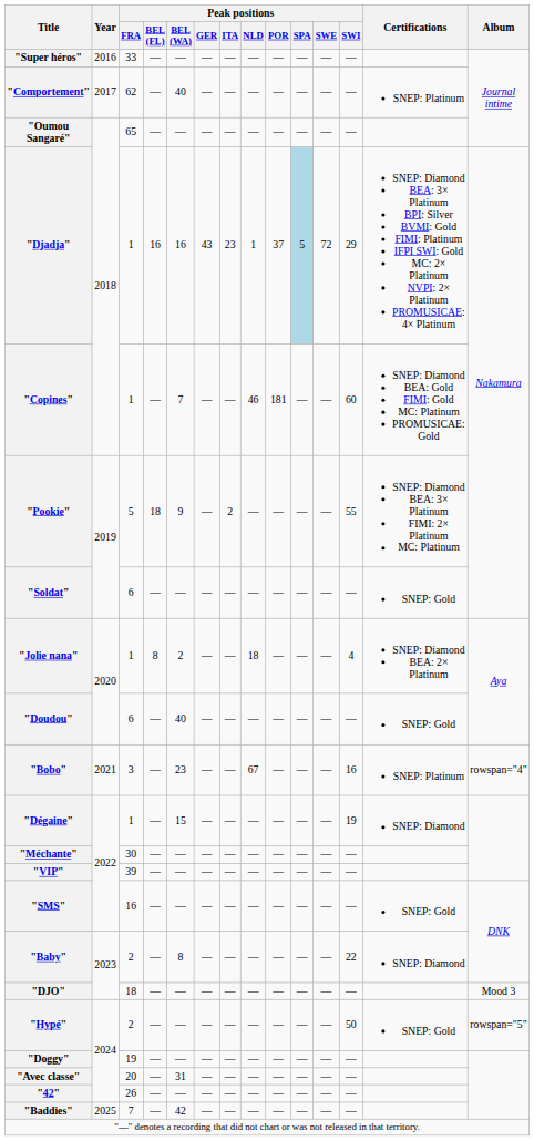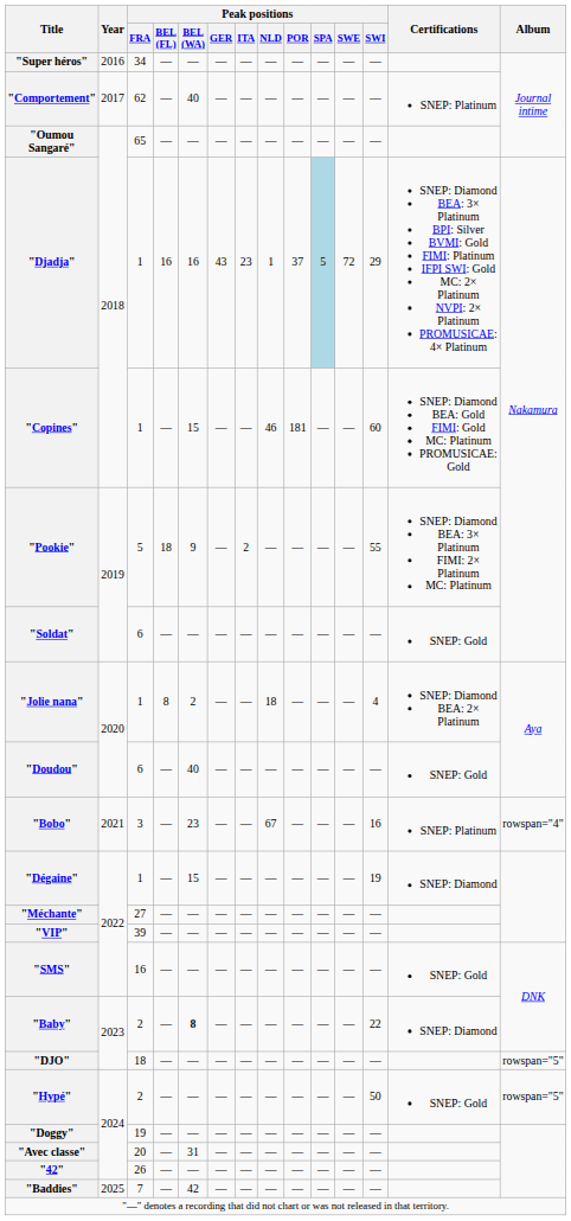 <table class="wikitable plainrowheaders" style="text-align:center">
 <tr>
 <th scope="col" rowspan="2">Title</th>
 <th scope="col" rowspan="2">Year</th>
 <th scope="col" colspan="10">Peak positions</th>
 <th scope="col" rowspan="2">Certifications</th>
 <th scope="col" rowspan="2">Album</th>
 </tr>
 <tr>
 <th scope="col" style="width:3em;font-size:90%;"><a href='#'>FRA</a><br></th>
 <th scope="col" style="width:3em;font-size:90%;"><a href='#'>BEL<br>(FL)</a><br></th>
 <th scope="col" style="width:3em;font-size:90%;"><a href='#'>BEL<br>(WA)</a><br></th>
 <th scope="col" style="width:3em;font-size:90%;"><a href='#'>GER</a><br></th>
 <th scope="col" style="width:3em;font-size:90%;"><a href='#'>ITA</a><br></th>
 <th scope="col" style="width:3em;font-size:90%;"><a href='#'>NLD</a><br></th>
 <th scope="col" style="width:3em;font-size:90%;"><a href='#'>POR</a><br></th>
 <th scope="col" style="width:3em;font-size:90%;"><a href='#'>SPA</a><br></th>
 <th scope="col" style="width:3em;font-size:90%;"><a href='#'>SWE</a><br></th>
 <th scope="col" style="width:3em;font-size:90%;"><a href='#'>SWI</a><br></th>
 </tr>
 <tr>
 <th scope="row">"Super héros" <br></th>
 <td>2016</td>
-<td>33</td>
+<td>34</td>
 <td>—</td>
 <td>—</td>
 <td>—</td>
 <td>—</td>
 <td>—</td>
 <td>—</td>
 <td>—</td>
 <td>—</td>
 <td>—</td>
 <td></td>
 <td rowspan="3"><em><a href='#'>Journal intime</a></em></td>
 </tr>
 <tr>
 <th scope="row">"<a href='#'>Comportement</a>"</th>
 <td>2017</td>
 <td>62</td>
 <td>—</td>
 <td>40</td>
 <td>—</td>
 <td>—</td>
 <td>—</td>
 <td>—</td>
 <td>—</td>
 <td>—</td>
 <td>—</td>
 <td><br><ul><li>SNEP: Platinum</li></ul></td>
 </tr>
 <tr>
 <th scope="row">"Oumou Sangaré"</th>
 <td rowspan="3">2018</td>
 <td>65</td>
 <td>—</td>
 <td>—</td>
 <td>—</td>
 <td>—</td>
 <td>—</td>
 <td>—</td>
 <td>—</td>
 <td>—</td>
 <td>—</td>
 <td></td>
 </tr>
 <tr>
 <th scope="row">"<a href='#'>Djadja</a>"<br></th>
 <td>1</td>
 <td>16</td>
 <td>16</td>
 <td>43</td>
 <td>23</td>
 <td>1</td>
 <td>37</td>
 <td style="background: lightblue;">5</td>
 <td>72</td>
 <td>29</td>
 <td><br><ul><li>SNEP: Diamond</li><li><a href='#'>BEA</a>: 3× Platinum</li><li><a href='#'>BPI</a>: Silver</li><li><a href='#'>BVMI</a>: Gold</li><li><a href='#'>FIMI</a>: Platinum</li><li><a href='#'>IFPI SWI</a>: Gold</li><li>MC: 2× Platinum</li><li><a href='#'>NVPI</a>: 2× Platinum</li><li><a href='#'>PROMUSICAE</a>: 4× Platinum</li></ul></td>
 <td rowspan="4"><em><a href='#'>Nakamura</a></em></td>
 </tr>
 <tr>
 <th scope="row">"<a href='#'>Copines</a>"</th>
 <td>1</td>
 <td>—</td>
-<td>7</td>
+<td>15</td>
 <td>—</td>
 <td>—</td>
 <td>46</td>
 <td>181</td>
 <td>—</td>
 <td>—</td>
 <td>60</td>
 <td><br><ul><li>SNEP: Diamond</li><li>BEA: Gold</li><li><a href='#'>FIMI</a>: Gold</li><li>MC: Platinum</li><li>PROMUSICAE: Gold</li></ul></td>
 </tr>
 <tr>
 <th scope="row">"<a href='#'>Pookie</a>"<br></th>
 <td rowspan="2">2019</td>
 <td>5</td>
 <td>18</td>
 <td>9</td>
 <td>—</td>
 <td>2</td>
 <td>—</td>
 <td>—</td>
 <td>—</td>
 <td>—</td>
 <td>55</td>
 <td><br><ul><li>SNEP: Diamond</li><li>BEA: 3× Platinum</li><li>FIMI: 2× Platinum</li><li>MC: Platinum</li></ul></td>
 </tr>
 <tr>
 <th scope="row">"<a href='#'>Soldat</a>"</th>
 <td>6</td>
 <td>—</td>
 <td>—</td>
 <td>—</td>
 <td>—</td>
 <td>—</td>
 <td>—</td>
 <td>—</td>
 <td>—</td>
 <td>—</td>
 <td><br><ul><li>SNEP: Gold</li></ul></td>
 </tr>
 <tr>
 <th scope="row">"<a href='#'>Jolie nana</a>"</th>
 <td rowspan="2">2020</td>
 <td>1</td>
 <td>8</td>
 <td>2</td>
 <td>—</td>
 <td>—</td>
 <td>18</td>
 <td>—</td>
 <td>—</td>
 <td>—</td>
 <td>4</td>
 <td><br><ul><li>SNEP: Diamond</li><li>BEA: 2× Platinum</li></ul></td>
 <td rowspan="2"><em><a href='#'>Aya</a></em></td>
 </tr>
 <tr>
 <th scope="row">"<a href='#'>Doudou</a>"</th>
 <td>6</td>
 <td>—</td>
 <td>40</td>
 <td>—</td>
 <td>—</td>
 <td>—</td>
 <td>—</td>
 <td>—</td>
 <td>—</td>
 <td>—</td>
 <td><br><ul><li>SNEP: Gold</li></ul></td>
 </tr>
 <tr>
 <th scope="row">"<a href='#'>Bobo</a>"</th>
 <td>2021</td>
 <td>3</td>
 <td>—</td>
 <td>23</td>
 <td>—</td>
 <td>—</td>
 <td>67</td>
 <td>—</td>
 <td>—</td>
 <td>—</td>
 <td>16</td>
 <td><br><ul><li>SNEP: Platinum</li></ul></td>
 <td>rowspan="4" </td>
 </tr>
 <tr>
 <th scope="row">"<a href='#'>Dégaine</a>"<br></th>
 <td rowspan="4">2022</td>
 <td>1</td>
 <td>—</td>
 <td>15</td>
 <td>—</td>
 <td>—</td>
 <td>—</td>
 <td>—</td>
 <td>—</td>
 <td>—</td>
 <td>19</td>
 <td><br><ul><li>SNEP: Diamond</li></ul></td>
 </tr>
 <tr>
 <th scope="row">"<a href='#'>Méchante</a>"</th>
-<td>30</td>
+<td>27</td>
 <td>—</td>
 <td>—</td>
 <td>—</td>
 <td>—</td>
 <td>—</td>
 <td>—</td>
 <td>—</td>
 <td>—</td>
 <td>—</td>
 <td></td>
 </tr>
 <tr>
 <th scope="row">"<a href='#'>VIP</a>"</th>
 <td>39</td>
 <td>—</td>
 <td>—</td>
 <td>—</td>
 <td>—</td>
 <td>—</td>
 <td>—</td>
 <td>—</td>
 <td>—</td>
 <td>—</td>
 <td></td>
 </tr>
 <tr>
 <th scope="row">"<a href='#'>SMS</a>"</th>
 <td>16</td>
 <td>—</td>
 <td>—</td>
 <td>—</td>
 <td>—</td>
 <td>—</td>
 <td>—</td>
 <td>—</td>
 <td>—</td>
 <td>—</td>
 <td><br><ul><li>SNEP: Gold</li></ul></td>
 <td rowspan="2"><em><a href='#'>DNK</a></em></td>
 </tr>
 <tr>
 <th scope="row">"<a href='#'>Baby</a>"</th>
 <td rowspan="2">2023</td>
 <td>2</td>
 <td>—</td>
-<td>8</td>
+<td><strong>8</strong></td>
 <td>—</td>
 <td>—</td>
 <td>—</td>
 <td>—</td>
 <td>—</td>
 <td>—</td>
 <td>22</td>
 <td><br><ul><li>SNEP: Diamond</li></ul></td>
 </tr>
 <tr>
 <th scope="row">"DJO"</th>
 <td>18</td>
 <td>—</td>
 <td>—</td>
 <td>—</td>
 <td>—</td>
 <td>—</td>
 <td>—</td>
 <td>—</td>
 <td>—</td>
 <td>—</td>
 <td></td>
-<td>Mood 3</td>
+<td>rowspan="5" </td>
 </tr>
 <tr>
 <th scope="row">"<a href='#'>Hypé</a>"<br></th>
 <td rowspan="4">2024</td>
 <td>2</td>
 <td>—</td>
 <td>—</td>
 <td>—</td>
 <td>—</td>
 <td>—</td>
 <td>—</td>
 <td>—</td>
 <td>—</td>
 <td>50</td>
 <td><br><ul><li>SNEP: Gold</li></ul></td>
 <td>rowspan="5" </td>
 </tr>
 <tr>
 <th scope="row">"Doggy"</th>
 <td>19</td>
 <td>—</td>
 <td>—</td>
 <td>—</td>
 <td>—</td>
 <td>—</td>
 <td>—</td>
 <td>—</td>
 <td>—</td>
 <td>—</td>
 <td></td>
 </tr>
 <tr>
 <th scope="row">"Avec classe"<br></th>
 <td>20</td>
 <td>—</td>
 <td>31</td>
 <td>—</td>
 <td>—</td>
 <td>—</td>
 <td>—</td>
 <td>—</td>
 <td>—</td>
 <td>—</td>
 <td></td>
 </tr>
 <tr>
 <th scope="row">"<a href='#'>42</a>"</th>
 <td>26</td>
 <td>—</td>
 <td>—</td>
 <td>—</td>
 <td>—</td>
 <td>—</td>
 <td>—</td>
 <td>—</td>
 <td>—</td>
 <td>—</td>
 <td></td>
 </tr>
 <tr>
 <th scope="row">"Baddies"<br></th>
 <td>2025</td>
 <td>7</td>
 <td>—</td>
 <td>42</td>
 <td>—</td>
 <td>—</td>
 <td>—</td>
 <td>—</td>
 <td>—</td>
 <td>—</td>
 <td>—</td>
 <td></td>
 </tr>
 <tr>
 <td colspan="15" style="font-size:90%">"—" denotes a recording that did not chart or was not released in that territory.</td>
 </tr>
 </table>
